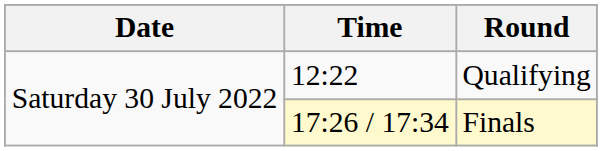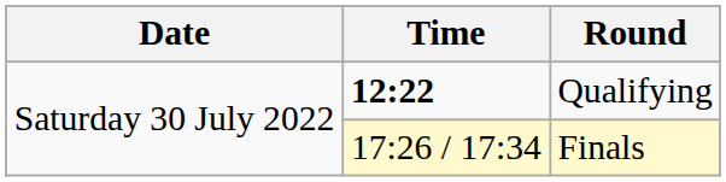 <table class="wikitable">
 <tr>
 <th>Date</th>
 <th>Time</th>
 <th>Round</th>
 </tr>
 <tr>
 <td rowspan=2>Saturday 30 July 2022</td>
-<td>12:22</td>
+<td><strong>12:22</strong></td>
 <td>Qualifying</td>
 </tr>
 <tr>
 <td style=background:lemonchiffon>17:26 / 17:34</td>
 <td style=background:lemonchiffon>Finals</td>
 </tr>
 </table>
